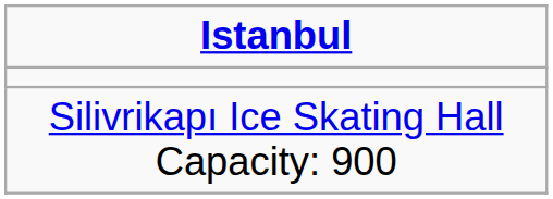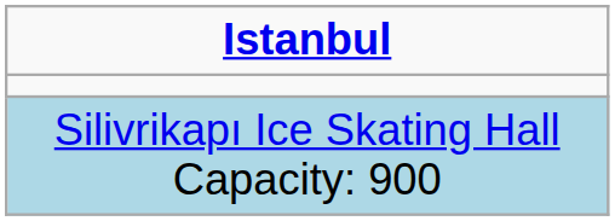 <table class="wikitable" style="text-align:center;" width=220px>
 <tr>
 <td width=220px><strong><a href='#'>Istanbul</a></strong></td>
 </tr>
 <tr>
 <td></td>
 </tr>
 <tr>
-<td><a href='#'>Silivrikapı Ice Skating Hall</a><br>Capacity: 900</td>
+<td style="background: lightblue;"><a href='#'>Silivrikapı Ice Skating Hall</a><br>Capacity: 900</td>
 </tr>
 </table>
